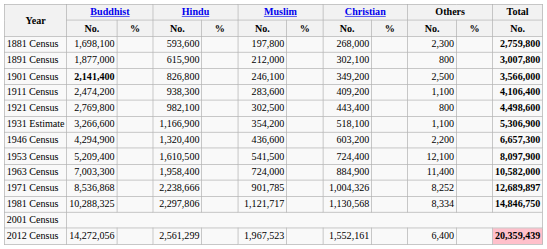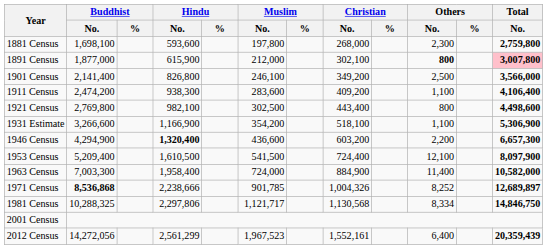 <table class="wikitable" style="text-align:right;">
 <tr>
 <th rowspan=2>Year</th>
 <th colspan=2><a href='#'>Buddhist</a></th>
 <th colspan=2><a href='#'>Hindu</a></th>
 <th colspan=2><a href='#'>Muslim</a></th>
 <th colspan=2><a href='#'>Christian</a></th>
 <th colspan=2>Others</th>
 <th colspan=2>Total</th>
 </tr>
 <tr>
 <th width="70">No.</th>
 <th width="50">%</th>
 <th width="70">No.</th>
 <th width="50">%</th>
 <th width="70">No.</th>
 <th width="50">%</th>
 <th width="70">No.</th>
 <th width="50">%</th>
 <th width="70">No.</th>
 <th width="50">%</th>
 <th width="70">No.</th>
 </tr>
 <tr>
 <td align=left>1881 Census</td>
 <td>1,698,100</td>
 <td></td>
 <td>593,600</td>
 <td></td>
 <td>197,800</td>
 <td></td>
 <td>268,000</td>
 <td></td>
 <td>2,300</td>
 <td></td>
 <td><strong>2,759,800</strong></td>
 </tr>
 <tr>
 <td align=left>1891 Census</td>
 <td>1,877,000</td>
 <td></td>
 <td>615,900</td>
 <td></td>
 <td>212,000</td>
 <td></td>
 <td>302,100</td>
 <td></td>
-<td>800</td>
+<td><strong>800</strong></td>
 <td></td>
-<td><strong>3,007,800</strong></td>
+<td style="background: pink;"><strong>3,007,800</strong></td>
 </tr>
 <tr>
 <td align=left>1901 Census</td>
-<td><strong>2,141,400</strong></td>
+<td>2,141,400</td>
 <td></td>
 <td>826,800</td>
 <td></td>
 <td>246,100</td>
 <td></td>
 <td>349,200</td>
 <td></td>
 <td>2,500</td>
 <td></td>
 <td><strong>3,566,000</strong></td>
 </tr>
 <tr>
 <td align=left>1911 Census</td>
 <td>2,474,200</td>
 <td></td>
 <td>938,300</td>
 <td></td>
 <td>283,600</td>
 <td></td>
 <td>409,200</td>
 <td></td>
 <td>1,100</td>
 <td></td>
 <td><strong>4,106,400</strong></td>
 </tr>
 <tr>
 <td align=left>1921 Census</td>
 <td>2,769,800</td>
 <td></td>
 <td>982,100</td>
 <td></td>
 <td>302,500</td>
 <td></td>
 <td>443,400</td>
 <td></td>
 <td>800</td>
 <td></td>
 <td><strong>4,498,600</strong></td>
 </tr>
 <tr>
 <td align=left>1931 Estimate</td>
 <td>3,266,600</td>
 <td></td>
 <td>1,166,900</td>
 <td></td>
 <td>354,200</td>
 <td></td>
 <td>518,100</td>
 <td></td>
 <td>1,100</td>
 <td></td>
 <td><strong>5,306,900</strong></td>
 </tr>
 <tr>
 <td align=left>1946 Census</td>
 <td>4,294,900</td>
 <td></td>
-<td>1,320,400</td>
+<td><strong>1,320,400</strong></td>
 <td></td>
 <td>436,600</td>
 <td></td>
 <td>603,200</td>
 <td></td>
 <td>2,200</td>
 <td></td>
 <td><strong>6,657,300</strong></td>
 </tr>
 <tr>
 <td align=left>1953 Census</td>
 <td>5,209,400</td>
 <td></td>
 <td>1,610,500</td>
 <td></td>
 <td>541,500</td>
 <td></td>
 <td>724,400</td>
 <td></td>
 <td>12,100</td>
 <td></td>
 <td><strong>8,097,900</strong></td>
 </tr>
 <tr>
 <td align=left>1963 Census</td>
 <td>7,003,300</td>
 <td></td>
 <td>1,958,400</td>
 <td></td>
 <td>724,000</td>
 <td></td>
 <td>884,900</td>
 <td></td>
 <td>11,400</td>
 <td></td>
 <td><strong>10,582,000</strong></td>
 </tr>
 <tr>
 <td align=left>1971 Census</td>
-<td>8,536,868</td>
+<td><strong>8,536,868</strong></td>
 <td></td>
 <td>2,238,666</td>
 <td></td>
 <td>901,785</td>
 <td></td>
 <td>1,004,326</td>
 <td></td>
 <td>8,252</td>
 <td></td>
 <td><strong>12,689,897</strong></td>
 </tr>
 <tr>
 <td align=left>1981 Census</td>
 <td>10,288,325</td>
 <td></td>
 <td>2,297,806</td>
 <td></td>
 <td>1,121,717</td>
 <td></td>
 <td>1,130,568</td>
 <td></td>
 <td>8,334</td>
 <td></td>
 <td><strong>14,846,750</strong></td>
 </tr>
 <tr>
 <td align=left>2001 Census</td>
 <td colspan=11></td>
 </tr>
 <tr>
 <td align=left>2012 Census</td>
 <td>14,272,056</td>
 <td></td>
 <td>2,561,299</td>
 <td></td>
 <td>1,967,523</td>
 <td></td>
 <td>1,552,161</td>
 <td></td>
 <td>6,400</td>
 <td></td>
-<td style="background: pink;"><strong>20,359,439</strong></td>
+<td><strong>20,359,439</strong></td>
 </tr>
 </table>
